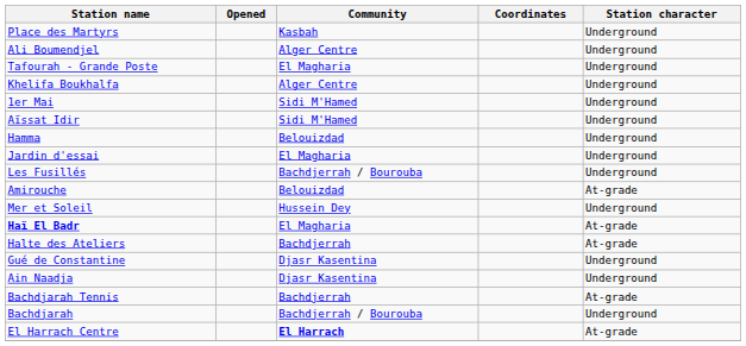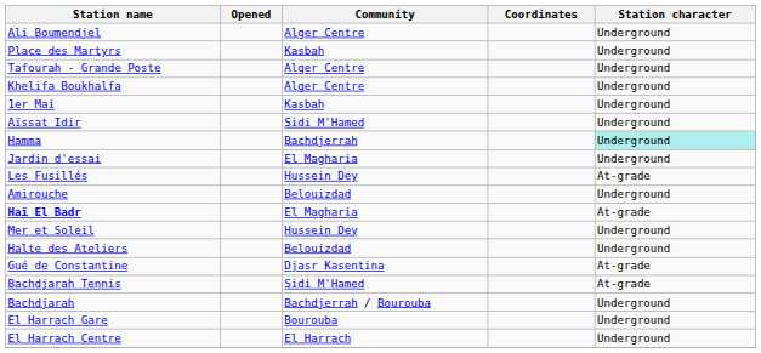 <table class="wikitable sortable" width="100%">
 <tr>
 <th>Station name</th>
 <th>Opened </th>
 <th>Community</th>
 <th>Coordinates</th>
 <th>Station character</th>
+</tr>
+<tr>
+<td><a href='#'>Ali Boumendjel</a></td>
+<td></td>
+<td><a href='#'>Alger Centre</a></td>
+<td></td>
+<td>Underground</td>
 </tr>
 <tr style="valign:top;">
 <td><a href='#'>Place des Martyrs</a></td>
 <td></td>
 <td><a href='#'>Kasbah</a></td>
 <td></td>
 <td>Underground</td>
 </tr>
 <tr>
-<td><a href='#'>Ali Boumendjel</a></td>
+<td><a href='#'>Tafourah - Grande Poste</a></td>
 <td></td>
 <td><a href='#'>Alger Centre</a></td>
-<td></td>
-<td>Underground</td>
-</tr>
-<tr>
-<td><a href='#'>Tafourah - Grande Poste</a></td>
-<td></td>
-<td><a href='#'>El Magharia</a></td>
 <td></td>
 <td>Underground</td>
 </tr>
 <tr>
 <td><a href='#'>Khelifa Boukhalfa</a></td>
 <td></td>
 <td><a href='#'>Alger Centre</a></td>
 <td></td>
 <td>Underground</td>
 </tr>
 <tr>
 <td><a href='#'>1er Mai</a></td>
 <td></td>
-<td><a href='#'>Sidi M'Hamed</a></td>
+<td><a href='#'>Kasbah</a></td>
 <td></td>
 <td>Underground</td>
 </tr>
 <tr>
 <td><a href='#'>Aïssat Idir</a></td>
 <td></td>
 <td><a href='#'>Sidi M'Hamed</a></td>
 <td></td>
 <td>Underground</td>
 </tr>
 <tr>
 <td><a href='#'>Hamma</a></td>
 <td></td>
-<td><a href='#'>Belouizdad</a></td>
+<td><a href='#'>Bachdjerrah</a></td>
 <td></td>
-<td>Underground</td>
+<td style="background: paleturquoise;">Underground</td>
 </tr>
 <tr>
 <td><a href='#'>Jardin d'essai</a></td>
 <td></td>
 <td><a href='#'>El Magharia</a></td>
 <td></td>
 <td>Underground</td>
 </tr>
 <tr>
 <td><a href='#'>Les Fusillés</a></td>
 <td></td>
-<td><a href='#'>Bachdjerrah</a> / <a href='#'>Bourouba</a></td>
+<td><a href='#'>Hussein Dey</a></td>
 <td></td>
-<td>Underground</td>
+<td>At-grade</td>
 </tr>
 <tr>
 <td><a href='#'>Amirouche</a></td>
 <td></td>
 <td><a href='#'>Belouizdad</a></td>
+<td></td>
+<td>Underground</td>
+</tr>
+<tr>
+<td><strong><a href='#'>Haï El Badr</a></strong></td>
+<td></td>
+<td><a href='#'>El Magharia</a></td>
 <td></td>
 <td>At-grade</td>
 </tr>
 <tr>
 <td><a href='#'>Mer et Soleil</a></td>
 <td></td>
 <td><a href='#'>Hussein Dey</a></td>
 <td></td>
 <td>Underground</td>
 </tr>
 <tr>
-<td><strong><a href='#'>Haï El Badr</a></strong></td>
-<td></td>
-<td><a href='#'>El Magharia</a></td>
-<td></td>
-<td>At-grade</td>
-</tr>
-<tr>
 <td><a href='#'>Halte des Ateliers</a></td>
 <td></td>
-<td><a href='#'>Bachdjerrah</a></td>
+<td><a href='#'>Belouizdad</a></td>
 <td></td>
-<td>At-grade</td>
+<td>Underground</td>
 </tr>
 <tr>
 <td><a href='#'>Gué de Constantine</a></td>
 <td></td>
 <td><a href='#'>Djasr Kasentina</a></td>
 <td></td>
-<td>Underground</td>
-</tr>
-<tr>
-<td><a href='#'>Ain Naadja</a></td>
-<td></td>
-<td><a href='#'>Djasr Kasentina</a></td>
-<td></td>
-<td>Underground</td>
+<td>At-grade</td>
 </tr>
 <tr>
 <td><a href='#'>Bachdjarah Tennis</a></td>
 <td></td>
-<td><a href='#'>Bachdjerrah</a></td>
+<td><a href='#'>Sidi M'Hamed</a></td>
 <td></td>
 <td>At-grade</td>
 </tr>
 <tr>
 <td><a href='#'>Bachdjarah</a></td>
 <td></td>
 <td><a href='#'>Bachdjerrah</a> / <a href='#'>Bourouba</a></td>
 <td></td>
 <td>Underground</td>
 </tr>
 <tr>
+<td><a href='#'>El Harrach Gare</a></td>
+<td></td>
+<td><a href='#'>Bourouba</a></td>
+<td></td>
+<td>Underground</td>
+</tr>
+<tr>
 <td><a href='#'>El Harrach Centre</a></td>
 <td></td>
-<td><strong><a href='#'>El Harrach</a></strong></td>
+<td><a href='#'>El Harrach</a></td>
 <td></td>
-<td>At-grade</td>
+<td>Underground</td>
 </tr>
 <tr>
 </tr>
 </table>
